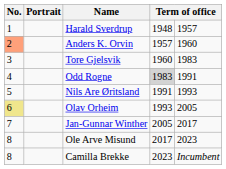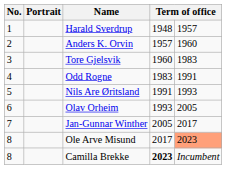 <table class="wikitable">
 <tr>
 <th>No.</th>
 <th>Portrait</th>
 <th>Name</th>
 <th colspan=2>Term of office</th>
 </tr>
 <tr>
 <td>1</td>
 <td></td>
 <td><a href='#'>Harald Sverdrup</a></td>
 <td>1948</td>
 <td>1957</td>
 </tr>
 <tr>
-<td style="background: lightsalmon;">2</td>
+<td>2</td>
 <td></td>
 <td><a href='#'>Anders K. Orvin</a></td>
 <td>1957</td>
 <td>1960</td>
 </tr>
 <tr>
 <td>3</td>
 <td></td>
 <td><a href='#'>Tore Gjelsvik</a></td>
 <td>1960</td>
 <td>1983</td>
 </tr>
 <tr>
 <td>4</td>
 <td></td>
 <td><a href='#'>Odd Rogne</a></td>
-<td style="background: lightgrey;">1983</td>
+<td>1983</td>
 <td>1991</td>
 </tr>
 <tr>
 <td>5</td>
 <td></td>
 <td><a href='#'>Nils Are Øritsland</a></td>
 <td>1991</td>
 <td>1993</td>
 </tr>
 <tr>
-<td style="background: khaki;">6</td>
+<td>6</td>
 <td></td>
 <td><a href='#'>Olav Orheim</a></td>
 <td>1993</td>
 <td>2005</td>
 </tr>
 <tr>
 <td>7</td>
 <td></td>
 <td><a href='#'>Jan-Gunnar Winther</a></td>
 <td>2005</td>
 <td>2017</td>
 </tr>
 <tr>
 <td>8</td>
 <td></td>
 <td>Ole Arve Misund</td>
 <td>2017</td>
-<td>2023</td>
+<td style="background: lightsalmon;">2023</td>
 </tr>
 <tr>
 <td>8</td>
 <td></td>
 <td>Camilla Brekke</td>
-<td>2023</td>
+<td><strong>2023</strong></td>
 <td><em>Incumbent</em></td>
 </tr>
 </table>
